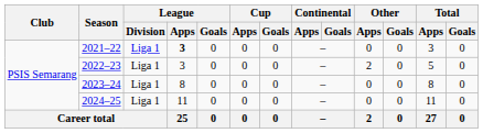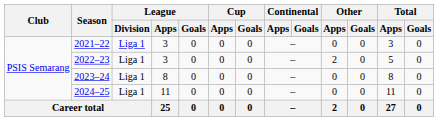 <table class="wikitable" style="text-align: center">
 <tr>
 <th rowspan="2">Club</th>
 <th rowspan="2">Season</th>
 <th colspan="3">League</th>
 <th colspan="2">Cup</th>
 <th colspan="2">Continental</th>
 <th colspan="2">Other</th>
 <th colspan="2">Total</th>
 </tr>
 <tr>
 <th>Division</th>
 <th>Apps</th>
 <th>Goals</th>
 <th>Apps</th>
 <th>Goals</th>
 <th>Apps</th>
 <th>Goals</th>
 <th>Apps</th>
 <th>Goals</th>
 <th>Apps</th>
 <th>Goals</th>
 </tr>
 <tr>
 <td rowspan="4"><a href='#'>PSIS Semarang</a></td>
 <td><a href='#'>2021–22</a></td>
 <td rowspan="1" valign="center"><a href='#'>Liga 1</a></td>
-<td><strong>3</strong></td>
+<td>3</td>
 <td>0</td>
 <td>0</td>
 <td>0</td>
 <td colspan="2">–</td>
 <td>0</td>
 <td>0</td>
 <td>3</td>
 <td>0</td>
 </tr>
 <tr>
 <td><a href='#'>2022–23</a></td>
 <td>Liga 1</td>
 <td>3</td>
 <td>0</td>
 <td>0</td>
 <td>0</td>
 <td colspan="2">–</td>
 <td>2</td>
 <td>0</td>
 <td>5</td>
 <td>0</td>
 </tr>
 <tr>
 <td><a href='#'>2023–24</a></td>
 <td>Liga 1</td>
 <td>8</td>
 <td>0</td>
 <td>0</td>
 <td>0</td>
 <td colspan="2">–</td>
 <td>0</td>
 <td>0</td>
 <td>8</td>
 <td>0</td>
 </tr>
 <tr>
 <td><a href='#'>2024–25</a></td>
 <td>Liga 1</td>
 <td>11</td>
 <td>0</td>
 <td>0</td>
 <td>0</td>
 <td colspan="2">–</td>
 <td>0</td>
 <td>0</td>
 <td>11</td>
 <td>0</td>
 </tr>
 <tr>
 <th colspan="3">Career total</th>
 <th>25</th>
 <th>0</th>
 <th>0</th>
 <th>0</th>
 <th colspan="2">–</th>
 <th>2</th>
 <th>0</th>
 <th>27</th>
 <th>0</th>
 </tr>
 </table>
